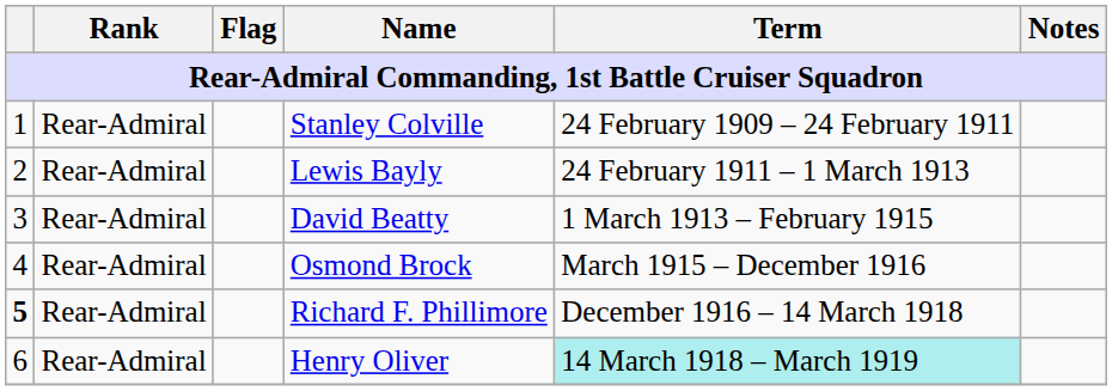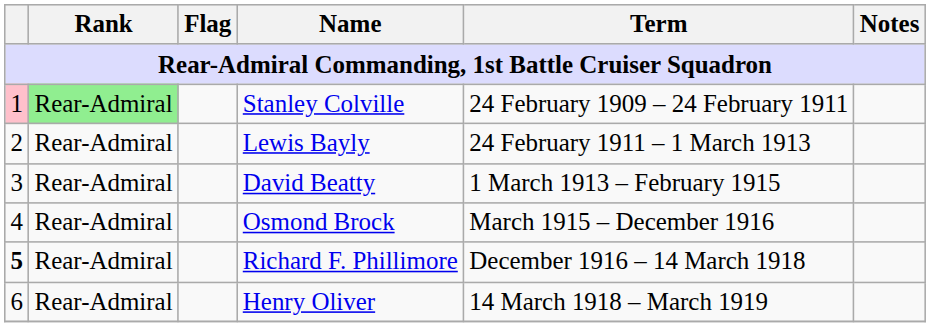 <table class="wikitable">
 <tr>
 <th></th>
 <th>Rank</th>
 <th>Flag</th>
 <th>Name</th>
 <th>Term</th>
 <th>Notes</th>
 </tr>
 <tr>
 <td colspan="6" align="center" style="background:#dcdcfe;"><strong>Rear-Admiral Commanding, 1st Battle Cruiser Squadron</strong></td>
 </tr>
 <tr>
-<td>1</td>
-<td>Rear-Admiral</td>
+<td style="background: pink;">1</td>
+<td style="background: lightgreen;">Rear-Admiral</td>
 <td></td>
 <td><a href='#'>Stanley Colville</a></td>
 <td>24 February 1909 – 24 February 1911</td>
 <td></td>
 </tr>
 <tr>
 <td>2</td>
 <td>Rear-Admiral</td>
 <td></td>
 <td><a href='#'>Lewis Bayly</a></td>
 <td>24 February 1911 – 1 March 1913</td>
 <td></td>
 </tr>
 <tr>
 <td>3</td>
 <td>Rear-Admiral</td>
 <td></td>
 <td><a href='#'>David Beatty</a></td>
 <td>1 March 1913 – February 1915</td>
 <td></td>
 </tr>
 <tr>
 <td>4</td>
 <td>Rear-Admiral</td>
 <td></td>
 <td><a href='#'>Osmond Brock</a></td>
 <td>March 1915 – December 1916</td>
 <td></td>
 </tr>
 <tr>
 <td><strong>5</strong></td>
 <td>Rear-Admiral</td>
 <td></td>
 <td><a href='#'>Richard F. Phillimore</a></td>
 <td>December 1916 – 14 March 1918</td>
 <td></td>
 </tr>
 <tr>
 <td>6</td>
 <td>Rear-Admiral</td>
 <td></td>
 <td><a href='#'>Henry Oliver</a></td>
-<td style="background: paleturquoise;">14 March 1918 – March 1919</td>
+<td>14 March 1918 – March 1919</td>
 <td></td>
 </tr>
 <tr>
 </tr>
 </table>
